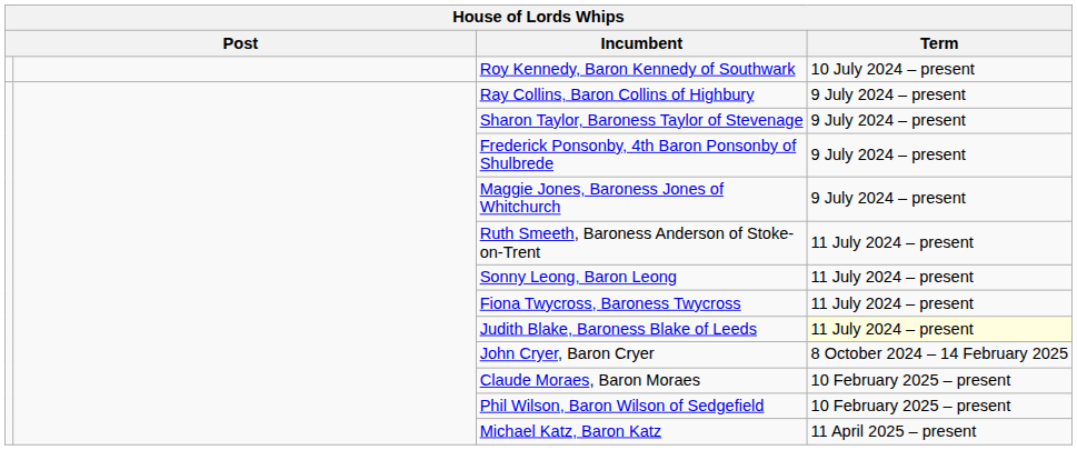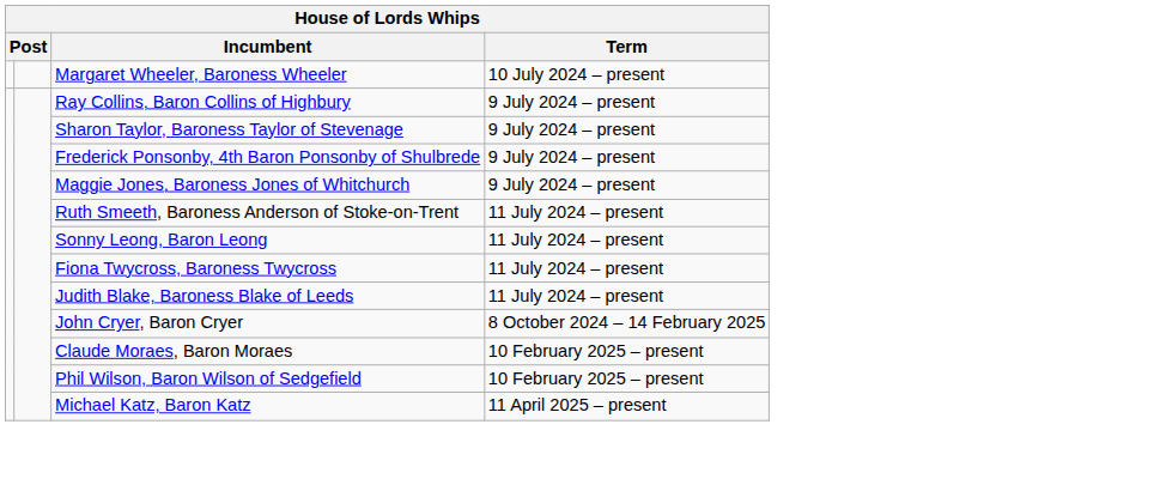 <table class="wikitable">
 <tr>
 <th colspan="4">House of Lords Whips</th>
 </tr>
 <tr>
 <th colspan="2">Post</th>
 <th>Incumbent</th>
 <th>Term</th>
 </tr>
 <tr>
 <td style="width: 1px; background: "></td>
-<td style="width: 450px;"></td>
-<td style="width: 320px;"><a href='#'>Roy Kennedy, Baron Kennedy of Southwark</a></td>
+<td></td>
+<td><a href='#'>Margaret Wheeler, Baroness Wheeler</a></td>
 <td>10 July 2024 – present</td>
 </tr>
 <tr>
 <td rowspan="12" style="width: 1px; background: "></td>
 <td rowspan="12"></td>
 <td><a href='#'>Ray Collins, Baron Collins of Highbury</a></td>
 <td>9 July 2024 – present</td>
 </tr>
 <tr>
 <td><a href='#'>Sharon Taylor, Baroness Taylor of Stevenage</a> </td>
 <td>9 July 2024 – present</td>
 </tr>
 <tr>
 <td><a href='#'>Frederick Ponsonby, 4th Baron Ponsonby of Shulbrede</a></td>
 <td>9 July 2024 – present</td>
 </tr>
 <tr>
 <td><a href='#'>Maggie Jones, Baroness Jones of Whitchurch</a> </td>
 <td>9 July 2024 – present</td>
 </tr>
 <tr>
 <td><a href='#'>Ruth Smeeth</a>, Baroness Anderson of Stoke-on-Trent</td>
 <td>11 July 2024 – present</td>
 </tr>
 <tr>
 <td><a href='#'>Sonny Leong, Baron Leong</a> </td>
 <td>11 July 2024 – present</td>
 </tr>
 <tr>
 <td><a href='#'>Fiona Twycross, Baroness Twycross</a> </td>
 <td>11 July 2024 – present</td>
 </tr>
 <tr>
 <td><a href='#'>Judith Blake, Baroness Blake of Leeds</a> </td>
-<td style="background: lightyellow;">11 July 2024 – present</td>
+<td>11 July 2024 – present</td>
 </tr>
 <tr>
 <td><a href='#'>John Cryer</a>, Baron Cryer </td>
 <td>8 October 2024 – 14 February 2025</td>
 </tr>
 <tr>
 <td><a href='#'>Claude Moraes</a>, Baron Moraes </td>
 <td>10 February 2025 – present</td>
 </tr>
 <tr>
 <td><a href='#'>Phil Wilson, Baron Wilson of Sedgefield</a> </td>
 <td>10 February 2025 – present</td>
 </tr>
 <tr>
 <td><a href='#'>Michael Katz, Baron Katz</a> </td>
 <td>11 April 2025 – present</td>
 </tr>
 </table>
